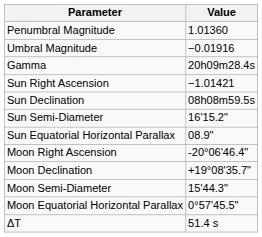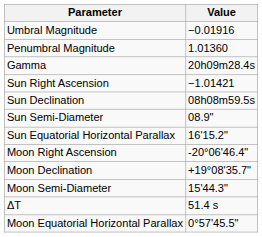 <table class="wikitable">
 <tr>
 <th>Parameter</th>
 <th>Value</th>
 </tr>
 <tr>
+<td>Umbral Magnitude</td>
+<td>−0.01916</td>
+</tr>
+<tr>
 <td>Penumbral Magnitude</td>
 <td>1.01360</td>
-</tr>
-<tr>
-<td>Umbral Magnitude</td>
-<td>−0.01916</td>
 </tr>
 <tr>
 <td>Gamma</td>
 <td>20h09m28.4s</td>
 </tr>
 <tr>
 <td>Sun Right Ascension</td>
 <td>−1.01421</td>
 </tr>
 <tr>
 <td>Sun Declination</td>
 <td>08h08m59.5s</td>
 </tr>
 <tr>
 <td>Sun Semi-Diameter</td>
-<td>16'15.2"</td>
+<td>08.9"</td>
 </tr>
 <tr>
 <td>Sun Equatorial Horizontal Parallax</td>
-<td>08.9"</td>
+<td>16'15.2"</td>
 </tr>
 <tr>
 <td>Moon Right Ascension</td>
 <td>-20°06'46.4"</td>
 </tr>
 <tr>
 <td>Moon Declination</td>
 <td>+19°08'35.7"</td>
 </tr>
 <tr>
 <td>Moon Semi-Diameter</td>
 <td>15'44.3"</td>
 </tr>
 <tr>
+<td>ΔT</td>
+<td>51.4 s</td>
+</tr>
+<tr>
 <td>Moon Equatorial Horizontal Parallax</td>
 <td>0°57'45.5"</td>
 </tr>
-<tr>
-<td>ΔT</td>
-<td>51.4 s</td>
-</tr>
 </table>
